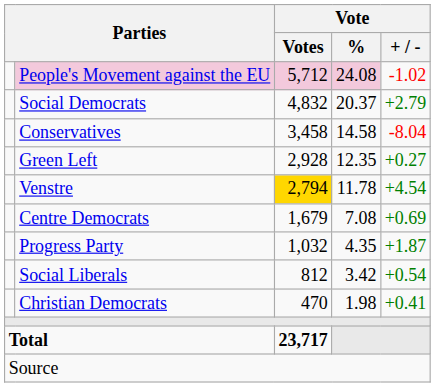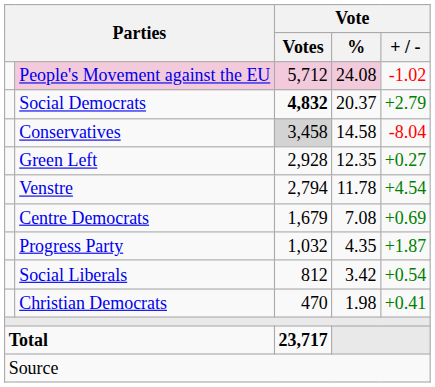 <table class="wikitable" style="text-align:right;">
 <tr>
 <th style="text-align:centre;" rowspan="2" colspan="2" width="225">Parties</th>
 <th colspan="3">Vote</th>
 </tr>
 <tr>
 <th width="15">Votes</th>
 <th width="15">%</th>
 <th width="15">+ / -</th>
 </tr>
 <tr>
 <td width="2" style="color:inherit;background:"></td>
 <td bgcolor=#f3c9dc   align="left"><a href='#'>People's Movement against the EU</a></td>
 <td bgcolor=#f3c9dc>5,712</td>
 <td bgcolor=#f3c9dc>24.08</td>
 <td style=color:red;>-1.02</td>
 </tr>
 <tr>
 <td width="2" style="color:inherit;background:"></td>
 <td align="left"><a href='#'>Social Democrats</a></td>
-<td>4,832</td>
+<td><strong>4,832</strong></td>
 <td>20.37</td>
 <td style=color:green;>+2.79</td>
 </tr>
 <tr>
 <td width="2" style="color:inherit;background:"></td>
 <td align="left"><a href='#'>Conservatives</a></td>
-<td>3,458</td>
+<td style="background: lightgrey;">3,458</td>
 <td>14.58</td>
 <td style=color:red;>-8.04</td>
 </tr>
 <tr>
 <td width="2" style="color:inherit;background:"></td>
 <td align="left"><a href='#'>Green Left</a></td>
 <td>2,928</td>
 <td>12.35</td>
 <td style=color:green;>+0.27</td>
 </tr>
 <tr>
 <td width="2" style="color:inherit;background:"></td>
 <td align="left"><a href='#'>Venstre</a></td>
-<td style="background: gold;">2,794</td>
+<td>2,794</td>
 <td>11.78</td>
 <td style=color:green;>+4.54</td>
 </tr>
 <tr>
 <td width="2" style="color:inherit;background:"></td>
 <td align="left"><a href='#'>Centre Democrats</a></td>
 <td>1,679</td>
 <td>7.08</td>
 <td style=color:green;>+0.69</td>
 </tr>
 <tr>
 <td width="2" style="color:inherit;background:"></td>
 <td align="left"><a href='#'>Progress Party</a></td>
 <td>1,032</td>
 <td>4.35</td>
 <td style=color:green;>+1.87</td>
 </tr>
 <tr>
 <td width="2" style="color:inherit;background:"></td>
 <td align="left"><a href='#'>Social Liberals</a></td>
 <td>812</td>
 <td>3.42</td>
 <td style=color:green;>+0.54</td>
 </tr>
 <tr>
 <td width="2" style="color:inherit;background:"></td>
 <td align="left"><a href='#'>Christian Democrats</a></td>
 <td>470</td>
 <td>1.98</td>
 <td style=color:green;>+0.41</td>
 </tr>
 <tr>
 <td colspan="7" bgcolor="#E9E9E9"></td>
 </tr>
 <tr>
 <td align="left" colspan="2"><strong>Total</strong></td>
 <td><strong>23,717</strong></td>
 <td bgcolor="#E9E9E9" colspan="2"></td>
 </tr>
 <tr>
 <td align="left" colspan="6">Source</td>
 </tr>
 </table>
